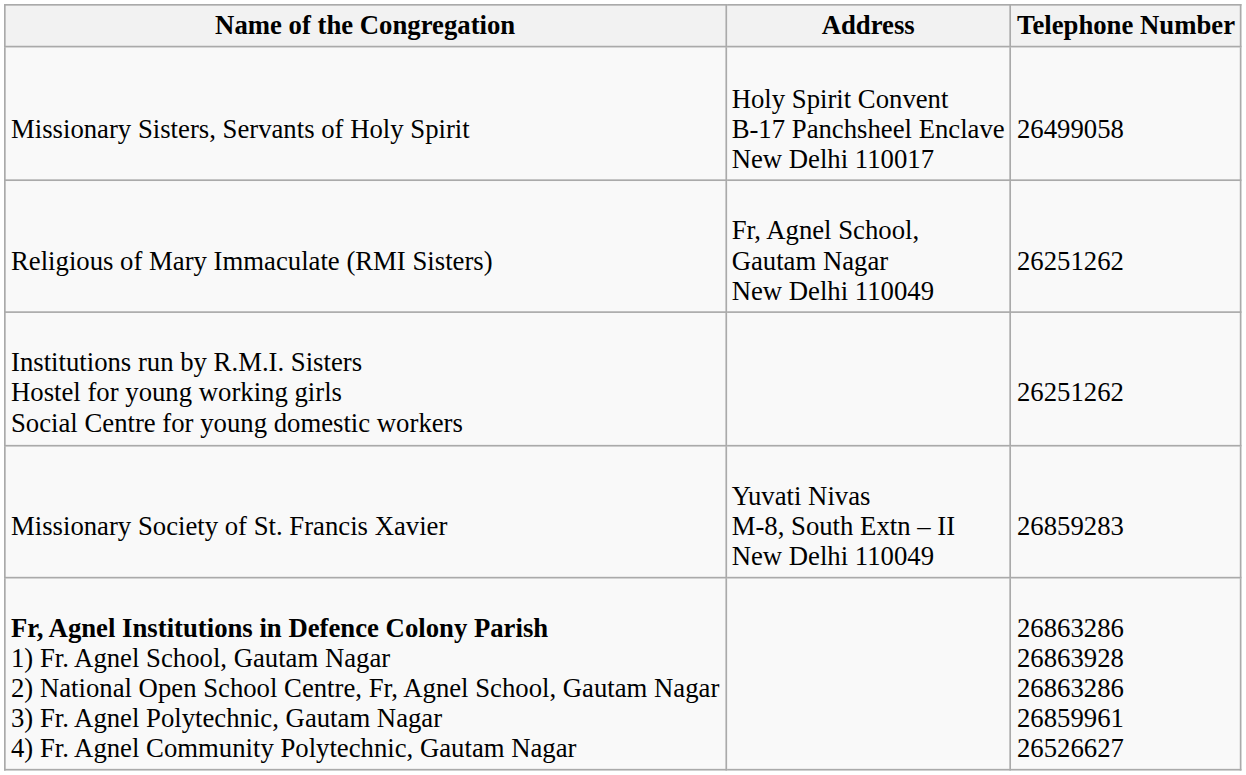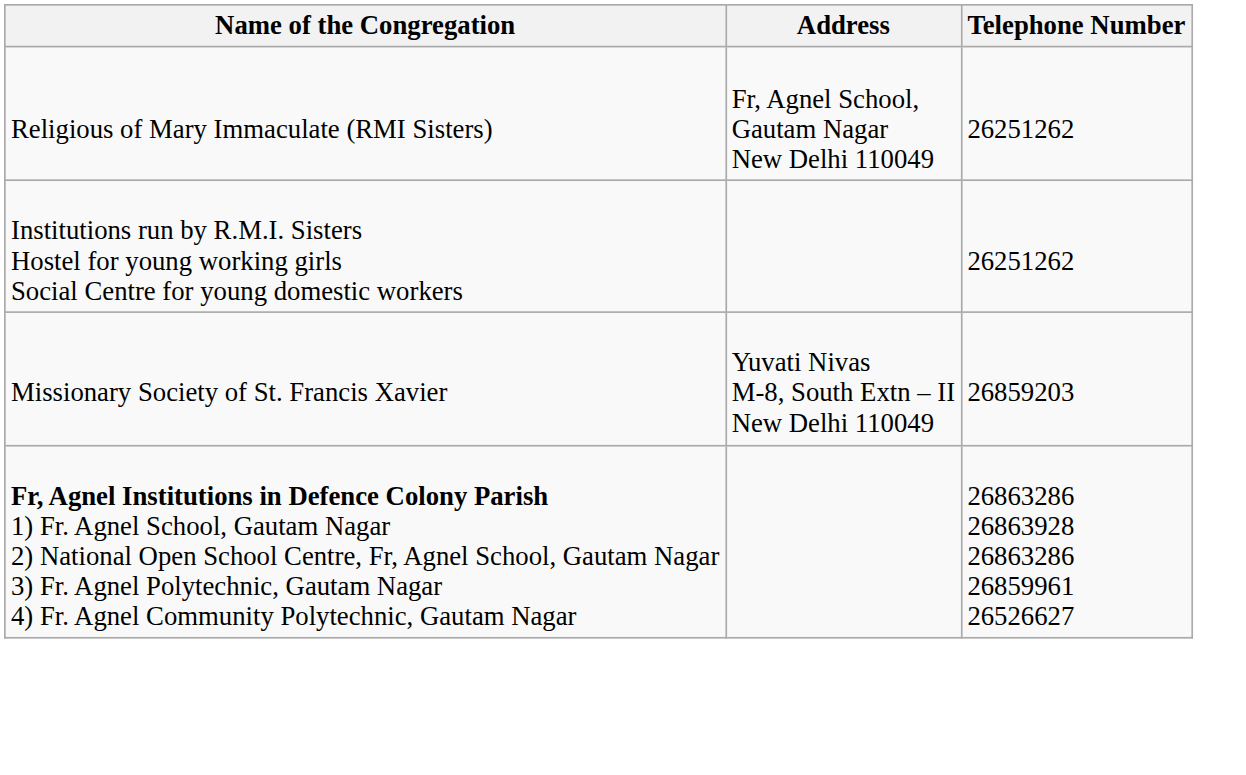 <table class="wikitable">
 <tr>
 <th>Name of the Congregation</th>
 <th>Address</th>
 <th>Telephone Number</th>
-</tr>
-<tr>
-<td><br>Missionary Sisters, Servants of Holy Spirit</td>
-<td><br>Holy Spirit Convent<br> B-17 Panchsheel Enclave<br> New Delhi 110017<br></td>
-<td><br>26499058</td>
 </tr>
 <tr>
 <td><br>Religious of Mary Immaculate (RMI Sisters)</td>
 <td><br>Fr, Agnel School,<br> Gautam Nagar<br> New Delhi 110049<br></td>
 <td><br>26251262</td>
 </tr>
 <tr>
 <td><br>Institutions run by R.M.I. Sisters<br> Hostel for young working girls<br> Social Centre for young domestic workers<br></td>
 <td></td>
 <td><br>26251262</td>
 </tr>
 <tr>
 <td><br>Missionary Society of St. Francis Xavier</td>
 <td><br>Yuvati Nivas<br> M-8, South Extn – II<br> New Delhi 110049<br></td>
-<td><br>26859283</td>
+<td><br>26859203</td>
 </tr>
 <tr>
 <td><br><strong>Fr, Agnel Institutions in Defence Colony Parish</strong><br> 1) Fr. Agnel School, Gautam Nagar<br> 2) National Open School Centre, Fr, Agnel School, Gautam Nagar<br>  3) Fr. Agnel Polytechnic, Gautam Nagar<br>  4) Fr. Agnel Community Polytechnic, Gautam Nagar</td>
 <td></td>
 <td><br>26863286<br> 26863928<br>26863286<br> 26859961<br> 26526627</td>
 </tr>
 </table>
